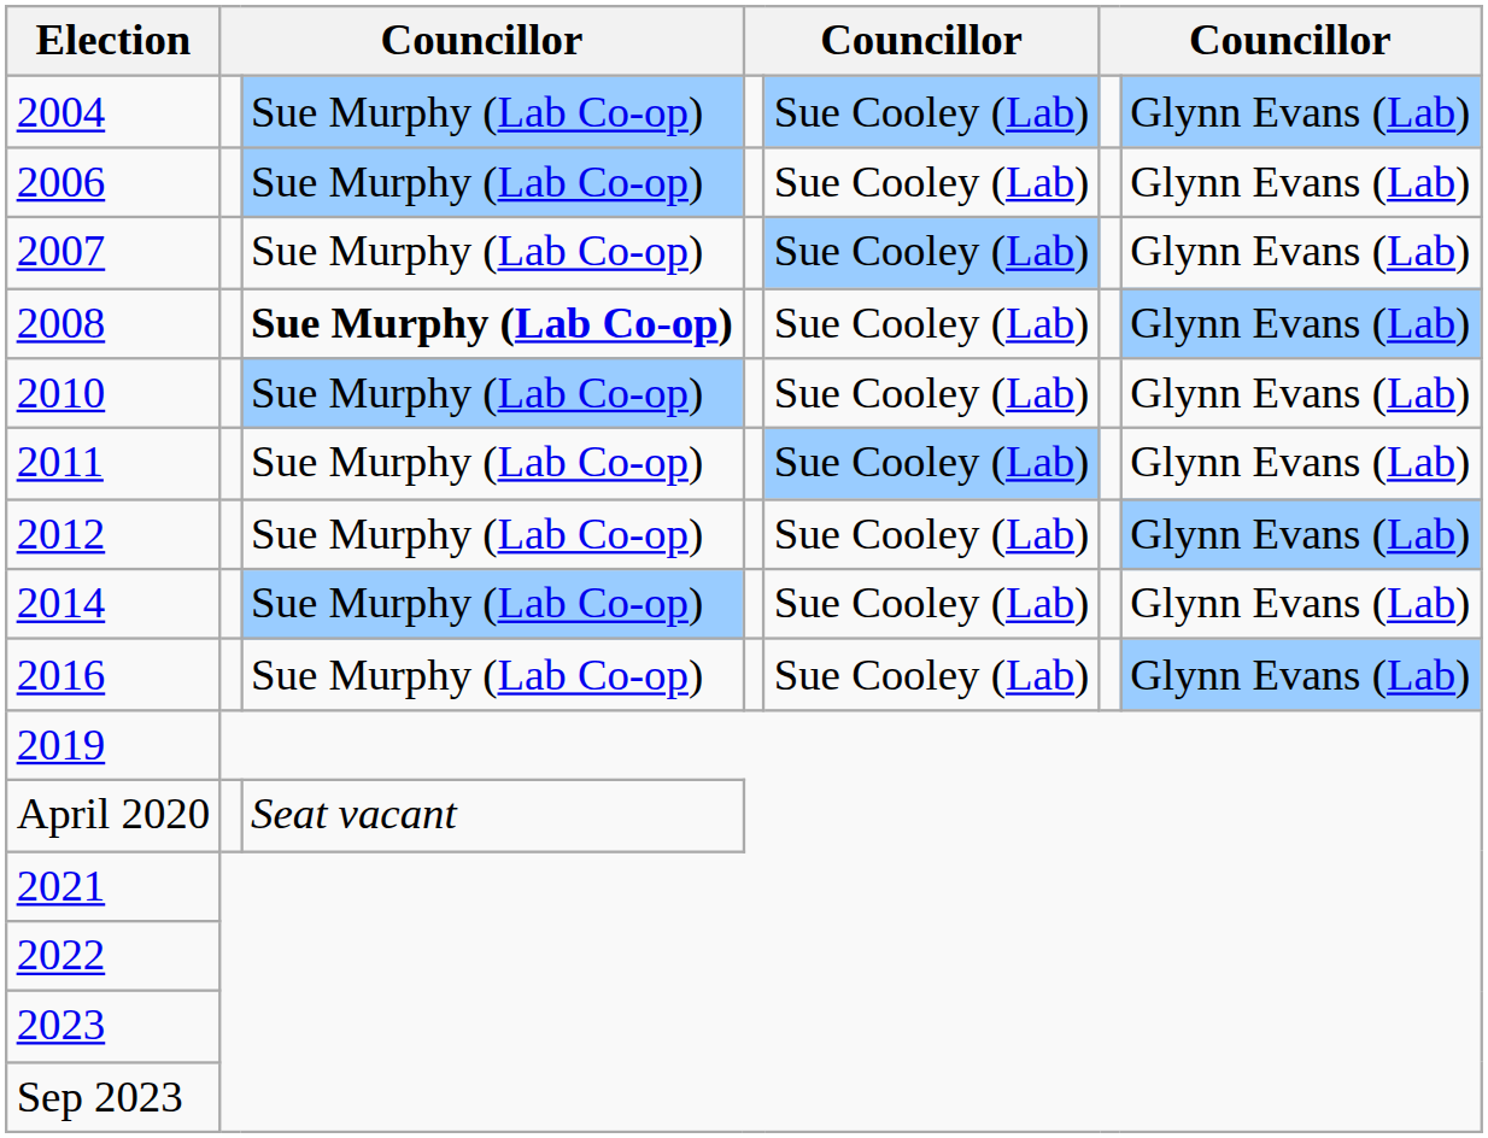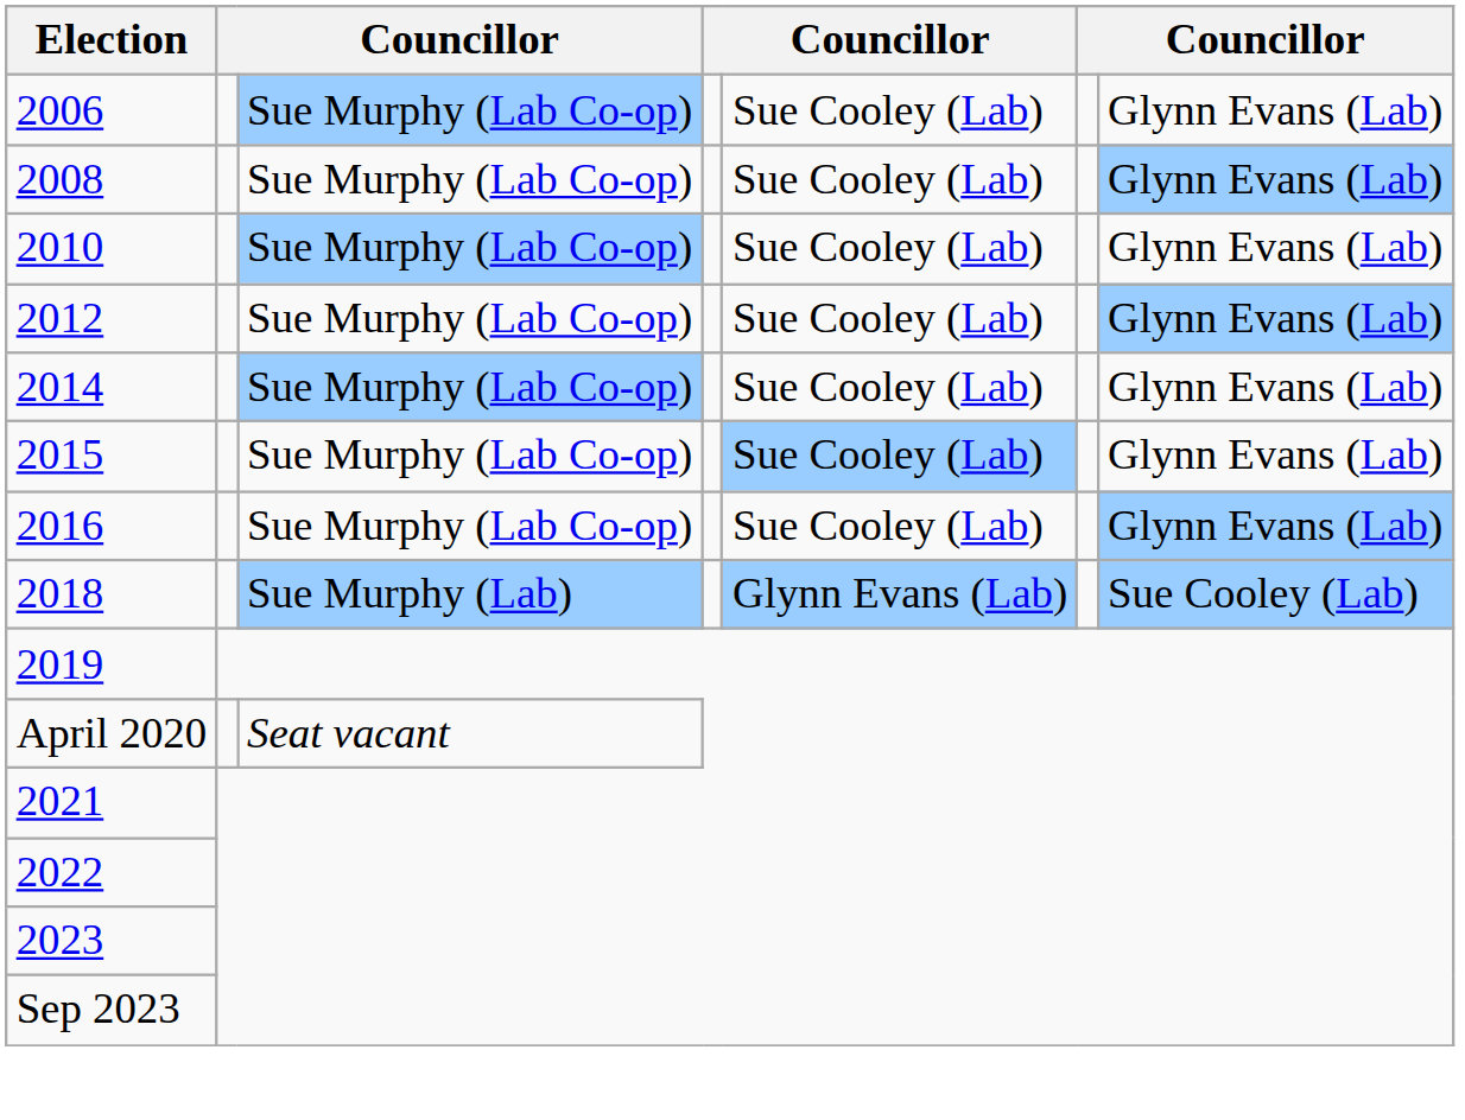 <table class="wikitable">
 <tr>
 <th>Election</th>
 <th colspan="2">Councillor</th>
 <th colspan="2">Councillor</th>
 <th colspan="2">Councillor</th>
-</tr>
-<tr>
-<td><a href='#'>2004</a></td>
-<td style="background-color: "></td>
-<td bgcolor="#99CCFF">Sue Murphy (<a href='#'>Lab Co-op</a>)</td>
-<td style="background-color: "></td>
-<td bgcolor="#99CCFF">Sue Cooley (<a href='#'>Lab</a>)</td>
-<td style="background-color: "></td>
-<td bgcolor="#99CCFF">Glynn Evans (<a href='#'>Lab</a>)</td>
 </tr>
 <tr>
 <td><a href='#'>2006</a></td>
 <td style="background-color: "></td>
 <td bgcolor="#99CCFF">Sue Murphy (<a href='#'>Lab Co-op</a>)</td>
 <td style="background-color: "></td>
 <td>Sue Cooley (<a href='#'>Lab</a>)</td>
 <td style="background-color: "></td>
 <td>Glynn Evans (<a href='#'>Lab</a>)</td>
 </tr>
 <tr>
-<td><a href='#'>2007</a></td>
+<td><a href='#'>2008</a></td>
 <td style="background-color: "></td>
 <td>Sue Murphy (<a href='#'>Lab Co-op</a>)</td>
-<td style="background-color: "></td>
-<td bgcolor="#99CCFF">Sue Cooley (<a href='#'>Lab</a>)</td>
-<td style="background-color: "></td>
-<td>Glynn Evans (<a href='#'>Lab</a>)</td>
-</tr>
-<tr>
-<td><a href='#'>2008</a></td>
-<td style="background-color: "></td>
-<td><strong>Sue Murphy (<a href='#'>Lab Co-op</a>)</strong></td>
 <td style="background-color: "></td>
 <td>Sue Cooley (<a href='#'>Lab</a>)</td>
 <td style="background-color: "></td>
 <td bgcolor="#99CCFF">Glynn Evans (<a href='#'>Lab</a>)</td>
 </tr>
 <tr>
 <td><a href='#'>2010</a></td>
 <td style="background-color: "></td>
 <td bgcolor="#99CCFF">Sue Murphy (<a href='#'>Lab Co-op</a>)</td>
 <td style="background-color: "></td>
 <td>Sue Cooley (<a href='#'>Lab</a>)</td>
-<td style="background-color: "></td>
-<td>Glynn Evans (<a href='#'>Lab</a>)</td>
-</tr>
-<tr>
-<td><a href='#'>2011</a></td>
-<td style="background-color: "></td>
-<td>Sue Murphy (<a href='#'>Lab Co-op</a>)</td>
-<td style="background-color: "></td>
-<td bgcolor="#99CCFF">Sue Cooley (<a href='#'>Lab</a>)</td>
 <td style="background-color: "></td>
 <td>Glynn Evans (<a href='#'>Lab</a>)</td>
 </tr>
 <tr>
 <td><a href='#'>2012</a></td>
 <td style="background-color: "></td>
 <td>Sue Murphy (<a href='#'>Lab Co-op</a>)</td>
 <td style="background-color: "></td>
 <td>Sue Cooley (<a href='#'>Lab</a>)</td>
 <td style="background-color: "></td>
 <td bgcolor="#99CCFF">Glynn Evans (<a href='#'>Lab</a>)</td>
 </tr>
 <tr>
 <td><a href='#'>2014</a></td>
 <td style="background-color: "></td>
 <td bgcolor="#99CCFF">Sue Murphy (<a href='#'>Lab Co-op</a>)</td>
 <td style="background-color: "></td>
 <td>Sue Cooley (<a href='#'>Lab</a>)</td>
 <td style="background-color: "></td>
 <td>Glynn Evans (<a href='#'>Lab</a>)</td>
 </tr>
 <tr>
+<td><a href='#'>2015</a></td>
+<td style="background-color: "></td>
+<td>Sue Murphy (<a href='#'>Lab Co-op</a>)</td>
+<td style="background-color: "></td>
+<td bgcolor="#99CCFF">Sue Cooley (<a href='#'>Lab</a>)</td>
+<td style="background-color: "></td>
+<td>Glynn Evans (<a href='#'>Lab</a>)</td>
+</tr>
+<tr>
 <td><a href='#'>2016</a></td>
 <td style="background-color: "></td>
 <td>Sue Murphy (<a href='#'>Lab Co-op</a>)</td>
 <td style="background-color: "></td>
 <td>Sue Cooley (<a href='#'>Lab</a>)</td>
 <td style="background-color: "></td>
 <td bgcolor="#99CCFF">Glynn Evans (<a href='#'>Lab</a>)</td>
+</tr>
+<tr>
+<td><a href='#'>2018</a></td>
+<td style="background-color: "></td>
+<td bgcolor="#99CCFF">Sue Murphy (<a href='#'>Lab</a>)</td>
+<td style="background-color: "></td>
+<td bgcolor="#99CCFF">Glynn Evans (<a href='#'>Lab</a>)</td>
+<td style="background-color: "></td>
+<td bgcolor="#99CCFF">Sue Cooley (<a href='#'>Lab</a>)</td>
 </tr>
 <tr>
 <td><a href='#'>2019</a><br>  </td>
 </tr>
 <tr>
 <td>April 2020</td>
 <td></td>
 <td><em>Seat vacant</em><br> </td>
 </tr>
 <tr>
 <td><a href='#'>2021</a><br>  </td>
 </tr>
 <tr>
 <td><a href='#'>2022</a><br>  </td>
 </tr>
 <tr>
 <td><a href='#'>2023</a><br>  </td>
 </tr>
 <tr>
 <td>Sep 2023<br>  </td>
 </tr>
 </table>
